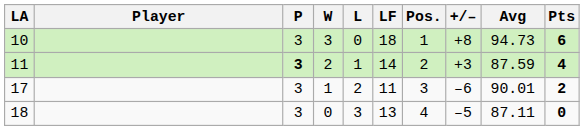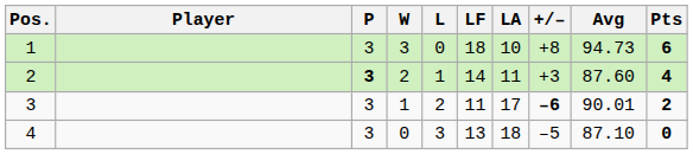 <table class="wikitable" style="text-align:center; margin: 1em auto 1em auto, align:left">
 <tr>
-<th width=20>LA</th>
+<th width=20>Pos.</th>
 <th width=212>Player</th>
 <th width=20>P</th>
 <th width=20>W</th>
 <th width=20>L</th>
 <th width=20>LF</th>
-<th width=20>Pos.</th>
+<th width=20>LA</th>
 <th width=25>+/–</th>
 <th width=50>Avg</th>
 <th width=20>Pts</th>
 </tr>
 <tr style="background:#D0F0C0;">
-<td>10</td>
+<td>1</td>
 <td align=left></td>
 <td>3</td>
 <td>3</td>
 <td>0</td>
 <td>18</td>
-<td>1</td>
+<td>10</td>
 <td>+8</td>
 <td>94.73</td>
 <td><strong>6</strong></td>
 </tr>
 <tr style="background:#D0F0C0;">
-<td>11</td>
+<td>2</td>
 <td align=left></td>
 <td><strong>3</strong></td>
 <td>2</td>
 <td>1</td>
 <td>14</td>
-<td>2</td>
+<td>11</td>
 <td>+3</td>
-<td>87.59</td>
+<td>87.60</td>
 <td><strong>4</strong></td>
 </tr>
 <tr style=>
-<td>17</td>
+<td>3</td>
 <td align=left></td>
 <td>3</td>
 <td>1</td>
 <td>2</td>
 <td>11</td>
-<td>3</td>
-<td>–6</td>
+<td>17</td>
+<td><strong>–6</strong></td>
 <td>90.01</td>
 <td><strong>2</strong></td>
 </tr>
 <tr style=>
-<td>18</td>
+<td>4</td>
 <td align=left></td>
 <td>3</td>
 <td>0</td>
 <td>3</td>
 <td>13</td>
-<td>4</td>
+<td>18</td>
 <td>–5</td>
-<td>87.11</td>
+<td>87.10</td>
 <td><strong>0</strong></td>
 </tr>
 </table>
